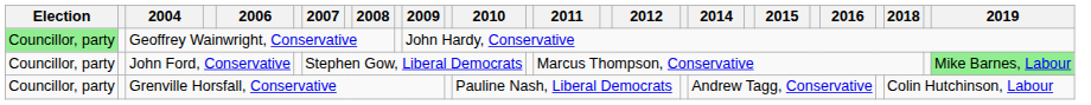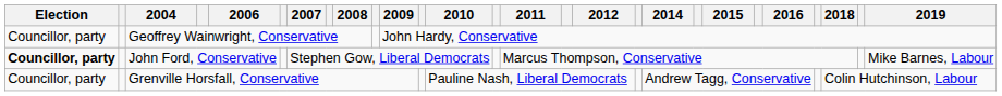 <table class="wikitable">
 <tr>
 <th>Election</th>
 <th></th>
 <th>2004</th>
 <th></th>
 <th>2006</th>
 <th></th>
 <th>2007</th>
 <th></th>
 <th>2008</th>
 <th></th>
 <th>2009</th>
 <th></th>
 <th>2010</th>
 <th></th>
 <th>2011</th>
 <th></th>
 <th>2012</th>
 <th></th>
 <th>2014</th>
 <th></th>
 <th>2015</th>
 <th></th>
 <th>2016</th>
 <th></th>
 <th>2018</th>
 <th></th>
 <th>2019</th>
 </tr>
 <tr>
-<td style="background: lightgreen;">Councillor, party</td>
+<td>Councillor, party</td>
 <td width=1px style="background-color: "></td>
 <td colspan = 7>Geoffrey Wainwright, <a href='#'>Conservative</a></td>
 <td width=1px style="background-color: "></td>
 <td colspan = 17>John Hardy, <a href='#'>Conservative</a></td>
 </tr>
 <tr>
-<td>Councillor, party</td>
+<td><strong>Councillor, party</strong></td>
 <td width=1px style="background-color: "></td>
 <td colspan = 3>John Ford, <a href='#'>Conservative</a></td>
 <td width=1px style="background-color: "></td>
 <td colspan = 7>Stephen Gow, <a href='#'>Liberal Democrats</a></td>
 <td width=1px style="background-color: "></td>
 <td colspan = 11>Marcus Thompson, <a href='#'>Conservative</a></td>
 <td width=1px style="background-color: "></td>
-<td colspan = 1 style="background: lightgreen;">Mike Barnes, <a href='#'>Labour</a></td>
+<td colspan = 1>Mike Barnes, <a href='#'>Labour</a></td>
 </tr>
 <tr>
 <td>Councillor, party</td>
 <td width=1px style="background-color: "></td>
 <td colspan = 9>Grenville Horsfall, <a href='#'>Conservative</a></td>
 <td width=1px style="background-color: "></td>
 <td colspan = 5>Pauline Nash, <a href='#'>Liberal Democrats</a></td>
 <td width=1px style="background-color: "></td>
 <td colspan = 5>Andrew Tagg, <a href='#'>Conservative</a></td>
 <td width=1px style="background-color: "></td>
 <td colspan = 3>Colin Hutchinson, <a href='#'>Labour</a></td>
 </tr>
 </table>
